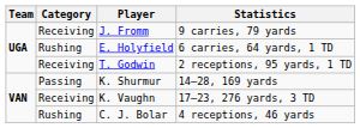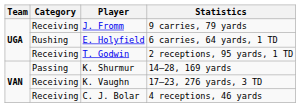 <table class="wikitable" style="float: right;">
 <tr>
 <th>Team</th>
 <th>Category</th>
 <th>Player</th>
 <th>Statistics</th>
 </tr>
 <tr>
 <td rowspan=3><strong>UGA</strong></td>
 <td>Receiving</td>
 <td><a href='#'>J. Fromm</a></td>
 <td>9 carries, 79 yards</td>
 </tr>
 <tr>
 <td>Rushing</td>
 <td><a href='#'>E. Holyfield</a></td>
 <td>6 carries, 64 yards, 1 TD</td>
 </tr>
 <tr>
 <td>Receiving</td>
 <td><a href='#'>T. Godwin</a></td>
 <td>2 receptions, 95 yards, 1 TD</td>
 </tr>
 <tr>
 <td rowspan=3><strong>VAN</strong></td>
 <td>Passing</td>
 <td>K. Shurmur</td>
 <td>14–28, 169 yards</td>
 </tr>
 <tr>
 <td>Receiving</td>
 <td>K. Vaughn</td>
 <td>17–23, 276 yards, 3 TD</td>
 </tr>
 <tr>
-<td>Rushing</td>
+<td>Receiving</td>
 <td>C. J. Bolar</td>
 <td>4 receptions, 46 yards</td>
 </tr>
 </table>
